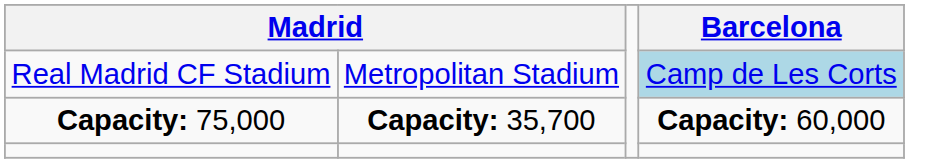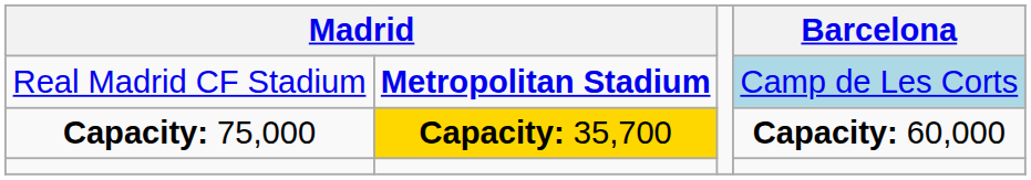 <table class="wikitable" style="text-align:center">
 <tr>
 <th colspan="2"><a href='#'>Madrid</a></th>
 <td rowspan="4"></td>
 <th><a href='#'>Barcelona</a></th>
 </tr>
 <tr>
 <td><a href='#'>Real Madrid CF Stadium</a></td>
-<td><a href='#'>Metropolitan Stadium</a></td>
+<td><strong><a href='#'>Metropolitan Stadium</a></strong></td>
 <td style="background: lightblue;"><a href='#'>Camp de Les Corts</a></td>
 </tr>
 <tr>
 <td><strong>Capacity:</strong> 75,000</td>
-<td><strong>Capacity:</strong> 35,700</td>
+<td style="background: gold;"><strong>Capacity:</strong> 35,700</td>
 <td><strong>Capacity:</strong> 60,000</td>
 </tr>
 <tr>
 <td></td>
 <td></td>
 <td></td>
 </tr>
 </table>
